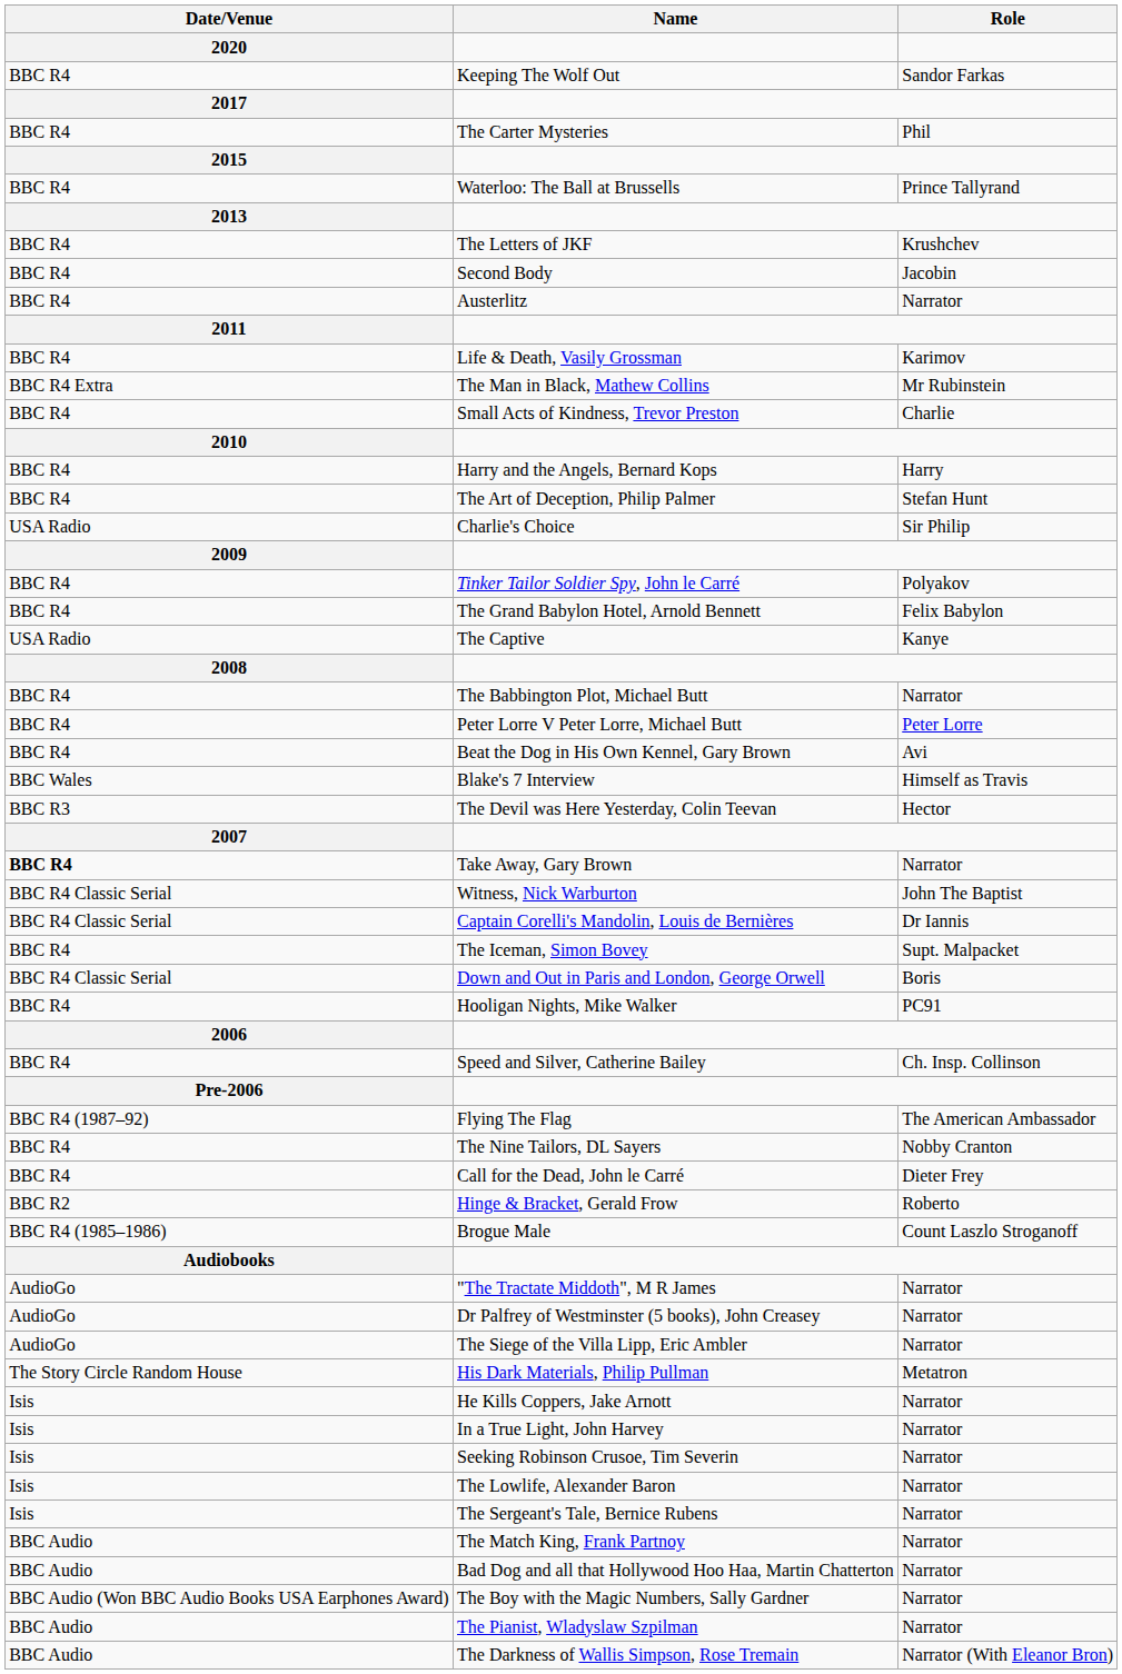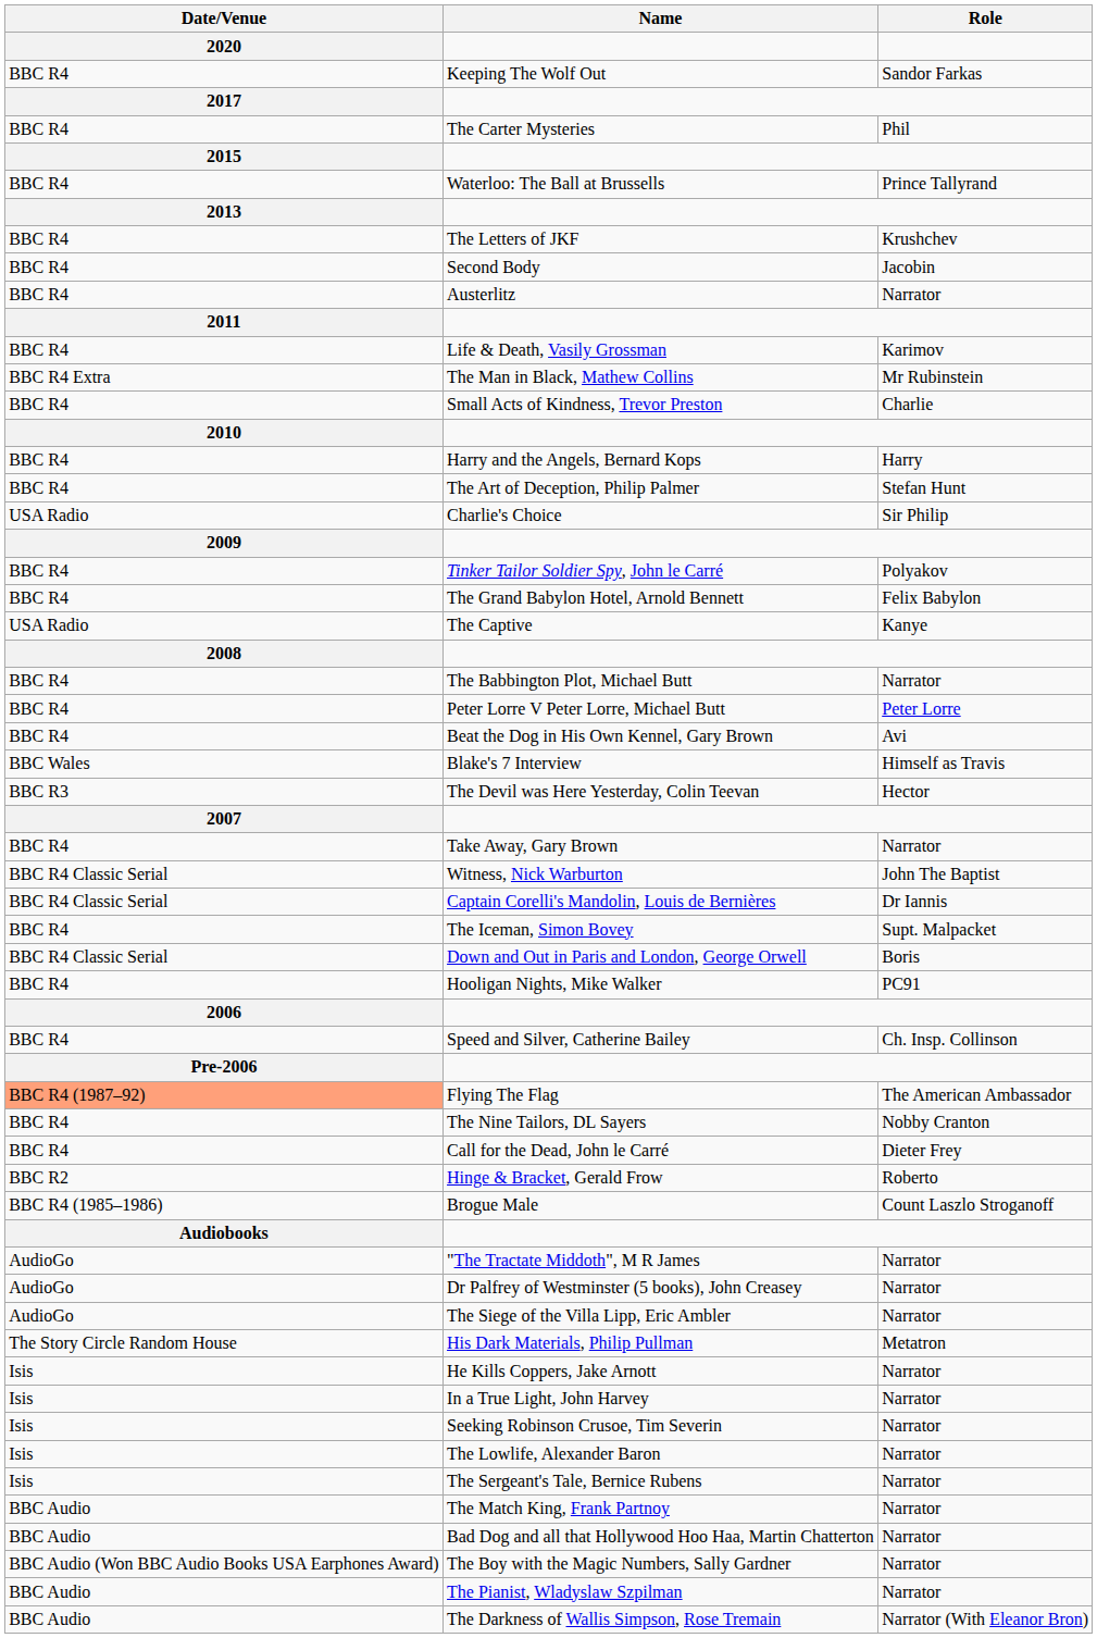 <table class="wikitable">
 <tr>
 <th>Date/Venue</th>
 <th>Name</th>
 <th>Role</th>
 </tr>
 <tr>
 <th>2020</th>
 <td></td>
 </tr>
 <tr>
 <td>BBC R4</td>
 <td>Keeping The Wolf Out</td>
 <td>Sandor Farkas</td>
 </tr>
 <tr>
 <th>2017</th>
 </tr>
 <tr>
 <td>BBC R4</td>
 <td>The Carter Mysteries</td>
 <td>Phil</td>
 </tr>
 <tr>
 <th>2015</th>
 </tr>
 <tr>
 <td>BBC R4</td>
 <td>Waterloo: The Ball at Brussells</td>
 <td>Prince Tallyrand</td>
 </tr>
 <tr>
 <th>2013</th>
 </tr>
 <tr>
 <td>BBC R4</td>
 <td>The Letters of JKF</td>
 <td>Krushchev</td>
 </tr>
 <tr>
 <td>BBC R4</td>
 <td>Second Body</td>
 <td>Jacobin</td>
 </tr>
 <tr>
 <td>BBC R4</td>
 <td>Austerlitz</td>
 <td>Narrator</td>
 </tr>
 <tr>
 <th>2011</th>
 </tr>
 <tr>
 <td>BBC R4</td>
 <td>Life & Death, <a href='#'>Vasily Grossman</a></td>
 <td>Karimov</td>
 </tr>
 <tr>
 <td>BBC R4 Extra</td>
 <td>The Man in Black, <a href='#'>Mathew Collins</a></td>
 <td>Mr Rubinstein</td>
 </tr>
 <tr>
 <td>BBC R4</td>
 <td>Small Acts of Kindness, <a href='#'>Trevor Preston</a></td>
 <td>Charlie</td>
 </tr>
 <tr>
 <th>2010</th>
 </tr>
 <tr>
 <td>BBC R4</td>
 <td>Harry and the Angels, Bernard Kops</td>
 <td>Harry</td>
 </tr>
 <tr>
 <td>BBC R4</td>
 <td>The Art of Deception, Philip Palmer</td>
 <td>Stefan Hunt</td>
 </tr>
 <tr>
 <td>USA Radio</td>
 <td>Charlie's Choice</td>
 <td>Sir Philip</td>
 </tr>
 <tr>
 <th>2009</th>
 </tr>
 <tr>
 <td>BBC R4</td>
 <td><em><a href='#'>Tinker Tailor Soldier Spy</a></em>, <a href='#'>John le Carré</a></td>
 <td>Polyakov</td>
 </tr>
 <tr>
 <td>BBC R4</td>
 <td>The Grand Babylon Hotel, Arnold Bennett</td>
 <td>Felix Babylon</td>
 </tr>
 <tr>
 <td>USA Radio</td>
 <td>The Captive</td>
 <td>Kanye</td>
 </tr>
 <tr>
 <th>2008</th>
 </tr>
 <tr>
 <td>BBC R4</td>
 <td>The Babbington Plot, Michael Butt</td>
 <td>Narrator</td>
 </tr>
 <tr>
 <td>BBC R4</td>
 <td>Peter Lorre V Peter Lorre, Michael Butt</td>
 <td><a href='#'>Peter Lorre</a></td>
 </tr>
 <tr>
 <td>BBC R4</td>
 <td>Beat the Dog in His Own Kennel, Gary Brown</td>
 <td>Avi</td>
 </tr>
 <tr>
 <td>BBC Wales</td>
 <td>Blake's 7 Interview</td>
 <td>Himself as Travis</td>
 </tr>
 <tr>
 <td>BBC R3</td>
 <td>The Devil was Here Yesterday, Colin Teevan</td>
 <td>Hector</td>
 </tr>
 <tr>
 <th>2007</th>
 </tr>
 <tr>
-<td><strong>BBC R4</strong></td>
+<td>BBC R4</td>
 <td>Take Away, Gary Brown</td>
 <td>Narrator</td>
 </tr>
 <tr>
 <td>BBC R4 Classic Serial</td>
 <td>Witness, <a href='#'>Nick Warburton</a></td>
 <td>John The Baptist</td>
 </tr>
 <tr>
 <td>BBC R4 Classic Serial</td>
 <td><a href='#'>Captain Corelli's Mandolin</a>, <a href='#'>Louis de Bernières</a></td>
 <td>Dr Iannis</td>
 </tr>
 <tr>
 <td>BBC R4</td>
 <td>The Iceman, <a href='#'>Simon Bovey</a></td>
 <td>Supt. Malpacket</td>
 </tr>
 <tr>
 <td>BBC R4 Classic Serial</td>
 <td><a href='#'>Down and Out in Paris and London</a>, <a href='#'>George Orwell</a></td>
 <td>Boris</td>
 </tr>
 <tr>
 <td>BBC R4</td>
 <td>Hooligan Nights, Mike Walker</td>
 <td>PC91</td>
 </tr>
 <tr>
 <th>2006</th>
 </tr>
 <tr>
 <td>BBC R4</td>
 <td>Speed and Silver, Catherine Bailey</td>
 <td>Ch. Insp. Collinson</td>
 </tr>
 <tr>
 <th>Pre-2006</th>
 </tr>
 <tr>
-<td>BBC R4 (1987–92)</td>
+<td style="background: lightsalmon;">BBC R4 (1987–92)</td>
 <td>Flying The Flag</td>
 <td>The American Ambassador</td>
 </tr>
 <tr>
 <td>BBC R4</td>
 <td>The Nine Tailors, DL Sayers</td>
 <td>Nobby Cranton</td>
 </tr>
 <tr>
 <td>BBC R4</td>
 <td>Call for the Dead, John le Carré</td>
 <td>Dieter Frey</td>
 </tr>
 <tr>
 <td>BBC R2</td>
 <td><a href='#'>Hinge & Bracket</a>, Gerald Frow</td>
 <td>Roberto</td>
 </tr>
 <tr>
 <td>BBC R4	(1985–1986)</td>
 <td>Brogue Male</td>
 <td>Count Laszlo Stroganoff</td>
 </tr>
 <tr>
 <th>Audiobooks</th>
 </tr>
 <tr>
 <td>AudioGo</td>
 <td>"<a href='#'>The Tractate Middoth</a>", M R James</td>
 <td>Narrator</td>
 </tr>
 <tr>
 <td>AudioGo</td>
 <td>Dr Palfrey of Westminster (5 books), John Creasey</td>
 <td>Narrator</td>
 </tr>
 <tr>
 <td>AudioGo</td>
 <td>The Siege of the Villa Lipp, Eric Ambler</td>
 <td>Narrator</td>
 </tr>
 <tr>
 <td>The Story Circle Random House</td>
 <td><a href='#'>His Dark Materials</a>, <a href='#'>Philip Pullman</a></td>
 <td>Metatron</td>
 </tr>
 <tr>
 <td>Isis</td>
 <td>He Kills Coppers, Jake Arnott</td>
 <td>Narrator</td>
 </tr>
 <tr>
 <td>Isis</td>
 <td>In a True Light, John Harvey</td>
 <td>Narrator</td>
 </tr>
 <tr>
 <td>Isis</td>
 <td>Seeking Robinson Crusoe, Tim Severin</td>
 <td>Narrator</td>
 </tr>
 <tr>
 <td>Isis</td>
 <td>The Lowlife, Alexander Baron</td>
 <td>Narrator</td>
 </tr>
 <tr>
 <td>Isis</td>
 <td>The Sergeant's Tale, Bernice Rubens</td>
 <td>Narrator</td>
 </tr>
 <tr>
 <td>BBC Audio</td>
 <td>The Match King, <a href='#'>Frank Partnoy</a></td>
 <td>Narrator</td>
 </tr>
 <tr>
 <td>BBC Audio</td>
 <td>Bad Dog and all that Hollywood Hoo Haa, Martin Chatterton</td>
 <td>Narrator</td>
 </tr>
 <tr>
 <td>BBC Audio (Won BBC Audio Books USA Earphones Award)</td>
 <td>The Boy with the Magic Numbers, Sally Gardner</td>
 <td>Narrator</td>
 </tr>
 <tr>
 <td>BBC Audio</td>
 <td><a href='#'>The Pianist</a>, <a href='#'>Wladyslaw Szpilman</a></td>
 <td>Narrator</td>
 </tr>
 <tr>
 <td>BBC Audio</td>
 <td>The Darkness of <a href='#'>Wallis Simpson</a>, <a href='#'>Rose Tremain</a></td>
 <td>Narrator (With <a href='#'>Eleanor Bron</a>)</td>
 </tr>
 </table>
